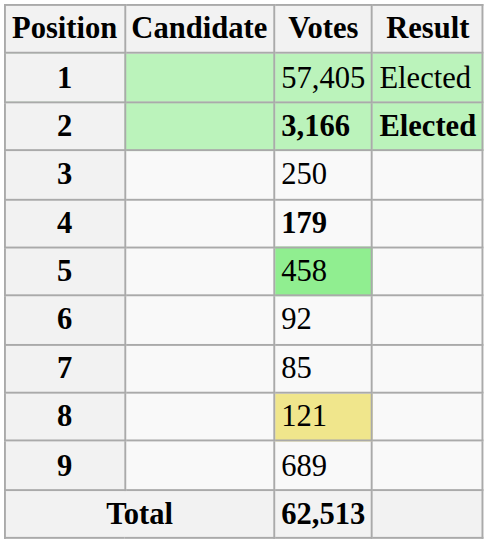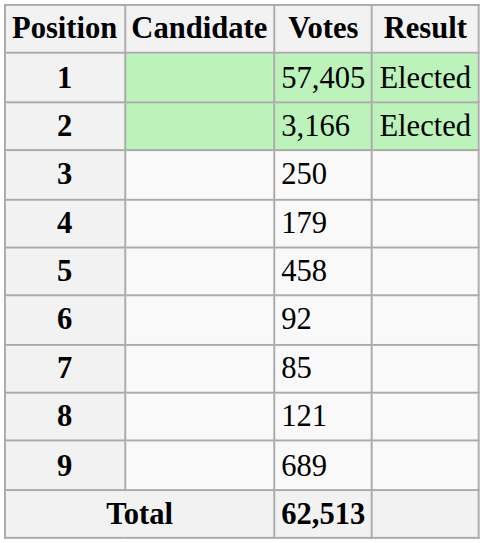 <table class="wikitable sortable col3right">
 <tr>
 <th scope="col">Position</th>
 <th scope="col">Candidate</th>
 <th scope="col">Votes</th>
 <th scope="col">Result</th>
 </tr>
 <tr bgcolor=bbf3bb>
 <th scope="row">1</th>
 <td></td>
 <td>57,405</td>
 <td>Elected</td>
 </tr>
 <tr bgcolor=bbf3bb>
 <th scope="row">2</th>
 <td></td>
-<td><strong>3,166</strong></td>
-<td><strong>Elected</strong></td>
+<td>3,166</td>
+<td>Elected</td>
 </tr>
 <tr>
 <th scope="row">3</th>
 <td></td>
 <td>250</td>
 <td></td>
 </tr>
 <tr>
 <th scope="row">4</th>
 <td></td>
-<td><strong>179</strong></td>
+<td>179</td>
 <td></td>
 </tr>
 <tr>
 <th scope="row">5</th>
 <td></td>
-<td style="background: lightgreen;">458</td>
+<td>458</td>
 <td></td>
 </tr>
 <tr>
 <th scope="row">6</th>
 <td></td>
 <td>92</td>
 <td></td>
 </tr>
 <tr>
 <th scope="row">7</th>
 <td></td>
 <td>85</td>
 <td></td>
 </tr>
 <tr>
 <th scope="row">8</th>
 <td></td>
-<td style="background: khaki;">121</td>
+<td>121</td>
 <td></td>
 </tr>
 <tr>
 <th scope="row">9</th>
 <td></td>
 <td>689</td>
 <td></td>
 </tr>
 <tr class=sortbottom>
 <th scope="row" colspan="2">Total</th>
 <th style="text-align:right">62,513</th>
 <th></th>
 </tr>
 </table>
